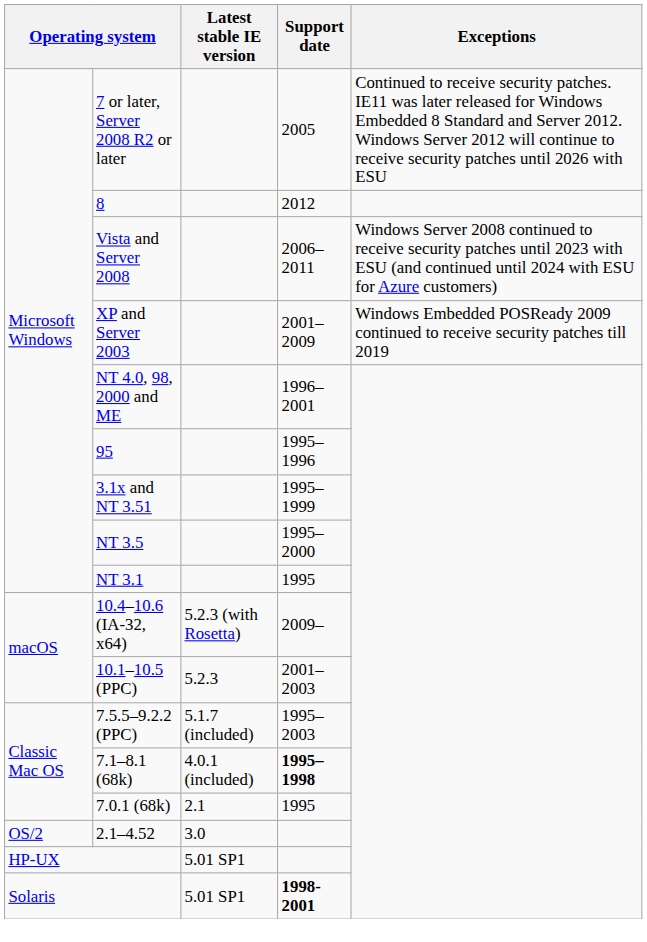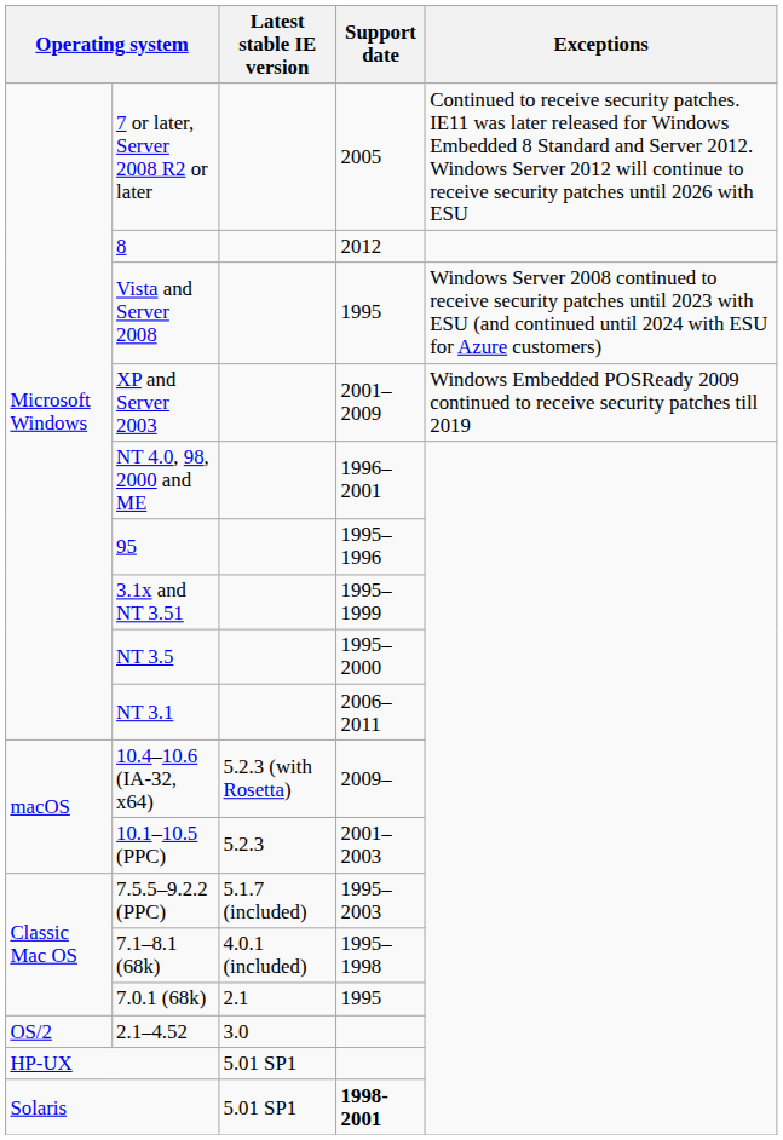 <table class="wikitable sortable">
 <tr>
 <th colspan="2"><a href='#'>Operating system</a></th>
 <th>Latest stable IE version</th>
 <th>Support date</th>
 <th>Exceptions</th>
 </tr>
 <tr>
 <td rowspan="9"><a href='#'>Microsoft Windows</a></td>
 <td><a href='#'>7</a> or later, <a href='#'>Server 2008 R2</a> or later</td>
 <td></td>
 <td>2005</td>
 <td>Continued to receive security patches.<br>IE11 was later released for Windows Embedded 8 Standard and Server 2012. Windows Server 2012 will continue to receive security patches until 2026 with ESU</td>
 </tr>
 <tr>
 <td><a href='#'>8</a></td>
 <td></td>
 <td>2012</td>
 <td></td>
 </tr>
 <tr>
 <td><a href='#'>Vista</a> and <a href='#'>Server 2008</a></td>
 <td></td>
-<td>2006–2011</td>
+<td>1995</td>
 <td>Windows Server 2008 continued to receive security patches until 2023 with ESU (and continued until 2024 with ESU for <a href='#'>Azure</a> customers)</td>
 </tr>
 <tr>
 <td><a href='#'>XP</a> and <a href='#'>Server 2003</a></td>
 <td></td>
 <td>2001–2009</td>
 <td>Windows Embedded POSReady 2009 continued to receive security patches till 2019</td>
 </tr>
 <tr>
 <td><a href='#'>NT 4.0</a>, <a href='#'>98</a>, <a href='#'>2000</a> and <a href='#'>ME</a></td>
 <td></td>
 <td>1996–2001</td>
 </tr>
 <tr>
 <td><a href='#'>95</a></td>
 <td></td>
 <td>1995–1996</td>
 </tr>
 <tr>
 <td><a href='#'>3.1x</a> and <a href='#'>NT 3.51</a></td>
 <td></td>
 <td>1995–1999</td>
 </tr>
 <tr>
 <td><a href='#'>NT 3.5</a></td>
 <td></td>
 <td>1995–2000</td>
 </tr>
 <tr>
 <td><a href='#'>NT 3.1</a></td>
 <td></td>
-<td>1995</td>
+<td>2006–2011</td>
 </tr>
 <tr>
 <td rowspan="2"><a href='#'>macOS</a></td>
 <td><a href='#'>10.4</a>–<a href='#'>10.6</a> (IA-32, x64)</td>
 <td>5.2.3 (with <a href='#'>Rosetta</a>)</td>
 <td>2009–</td>
 </tr>
 <tr>
 <td><a href='#'>10.1</a>–<a href='#'>10.5</a> (PPC)</td>
 <td>5.2.3</td>
 <td>2001–2003</td>
 </tr>
 <tr>
 <td rowspan="3"><a href='#'>Classic Mac OS</a></td>
 <td>7.5.5–9.2.2 (PPC)</td>
 <td>5.1.7 (included)</td>
 <td>1995–2003</td>
 </tr>
 <tr>
 <td>7.1–8.1 (68k)</td>
 <td>4.0.1 (included)</td>
-<td><strong>1995–1998</strong></td>
+<td>1995–1998</td>
 </tr>
 <tr>
 <td>7.0.1 (68k)</td>
 <td>2.1</td>
 <td>1995</td>
 </tr>
 <tr>
 <td><a href='#'>OS/2</a></td>
 <td>2.1–4.52</td>
 <td>3.0</td>
 <td></td>
 </tr>
 <tr>
 <td colspan="2"><a href='#'>HP-UX</a></td>
 <td>5.01 SP1</td>
 <td></td>
 </tr>
 <tr>
 <td colspan="2"><a href='#'>Solaris</a></td>
 <td>5.01 SP1</td>
 <td><strong>1998-2001</strong></td>
 </tr>
 </table>
